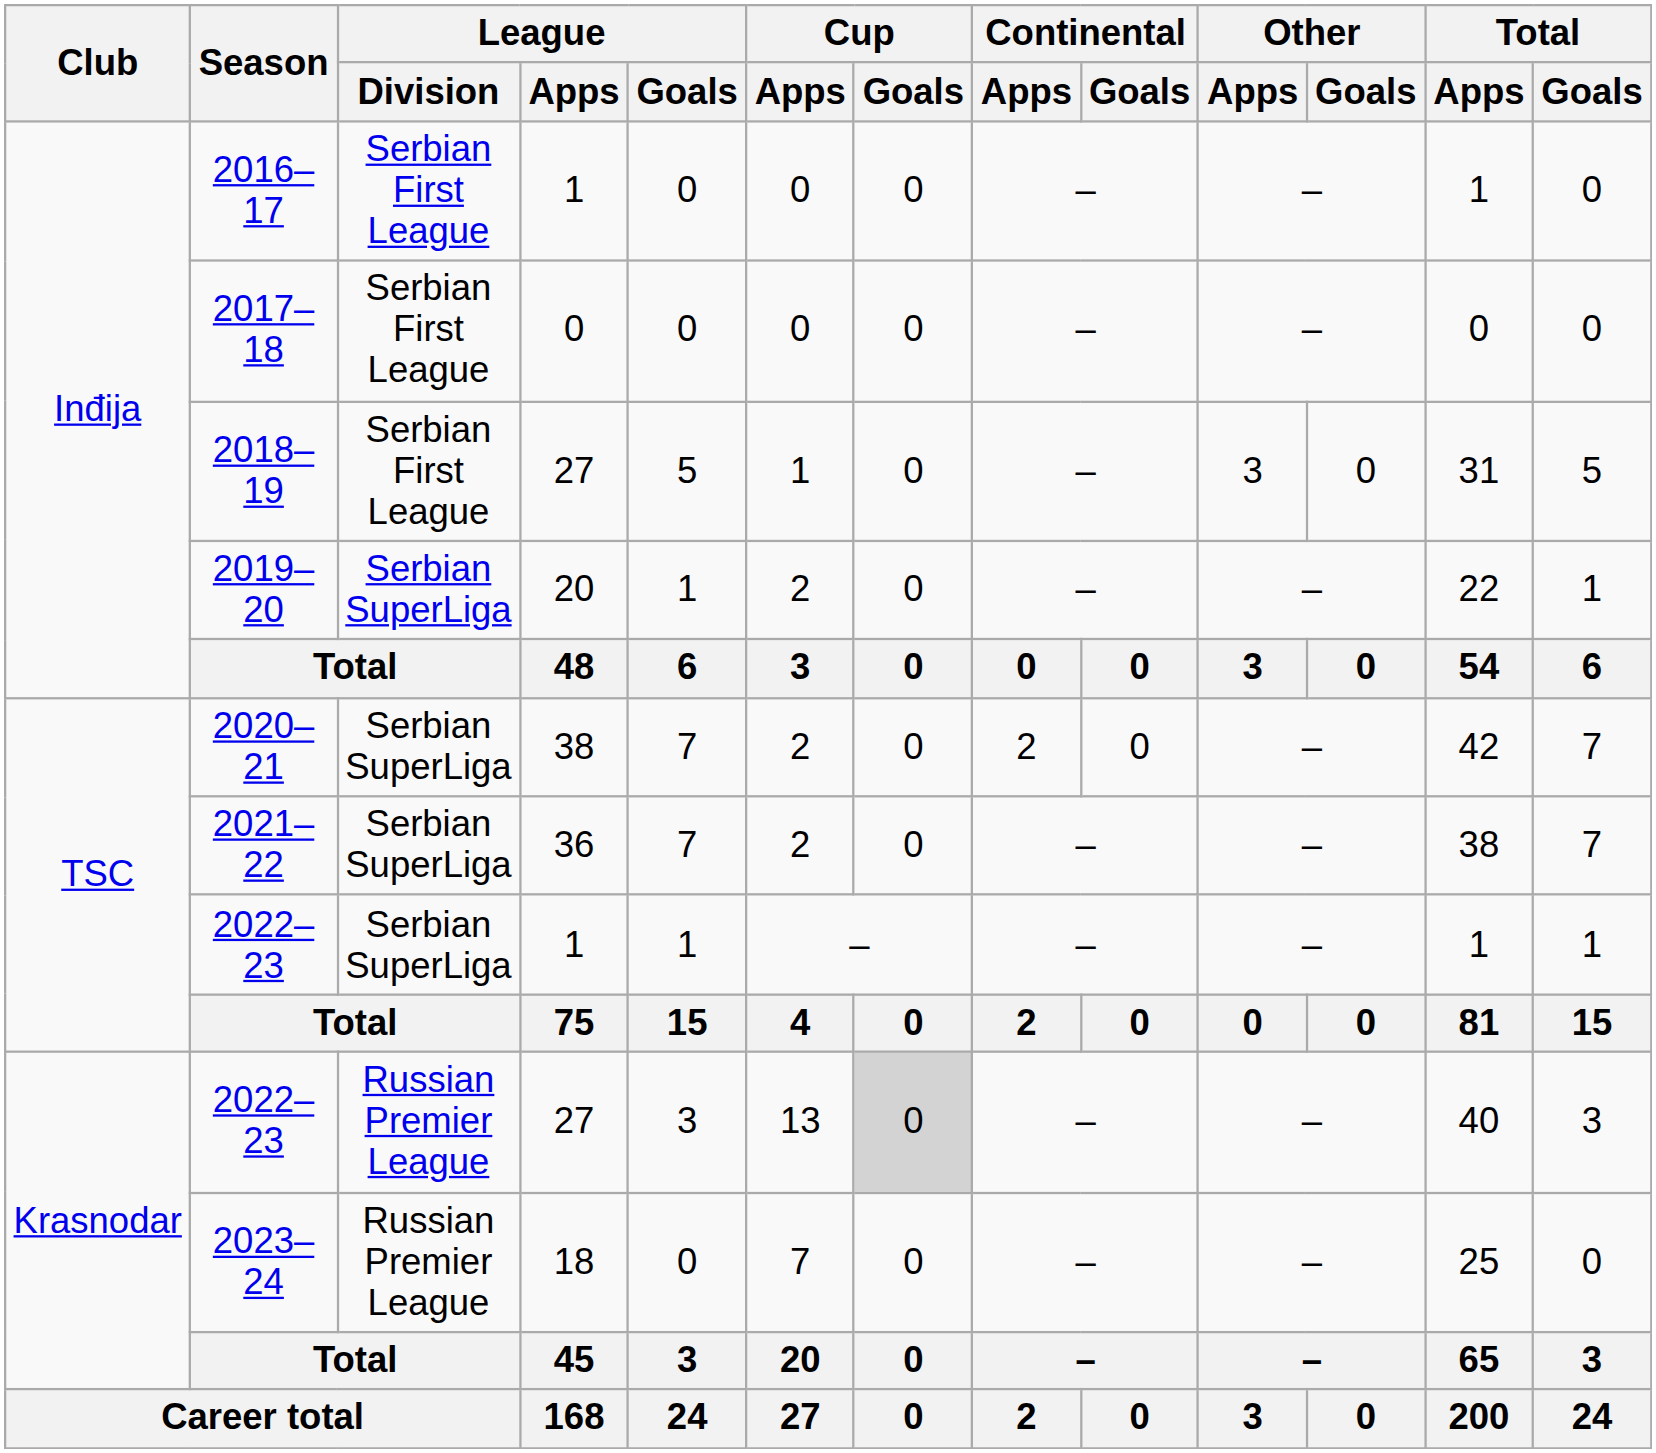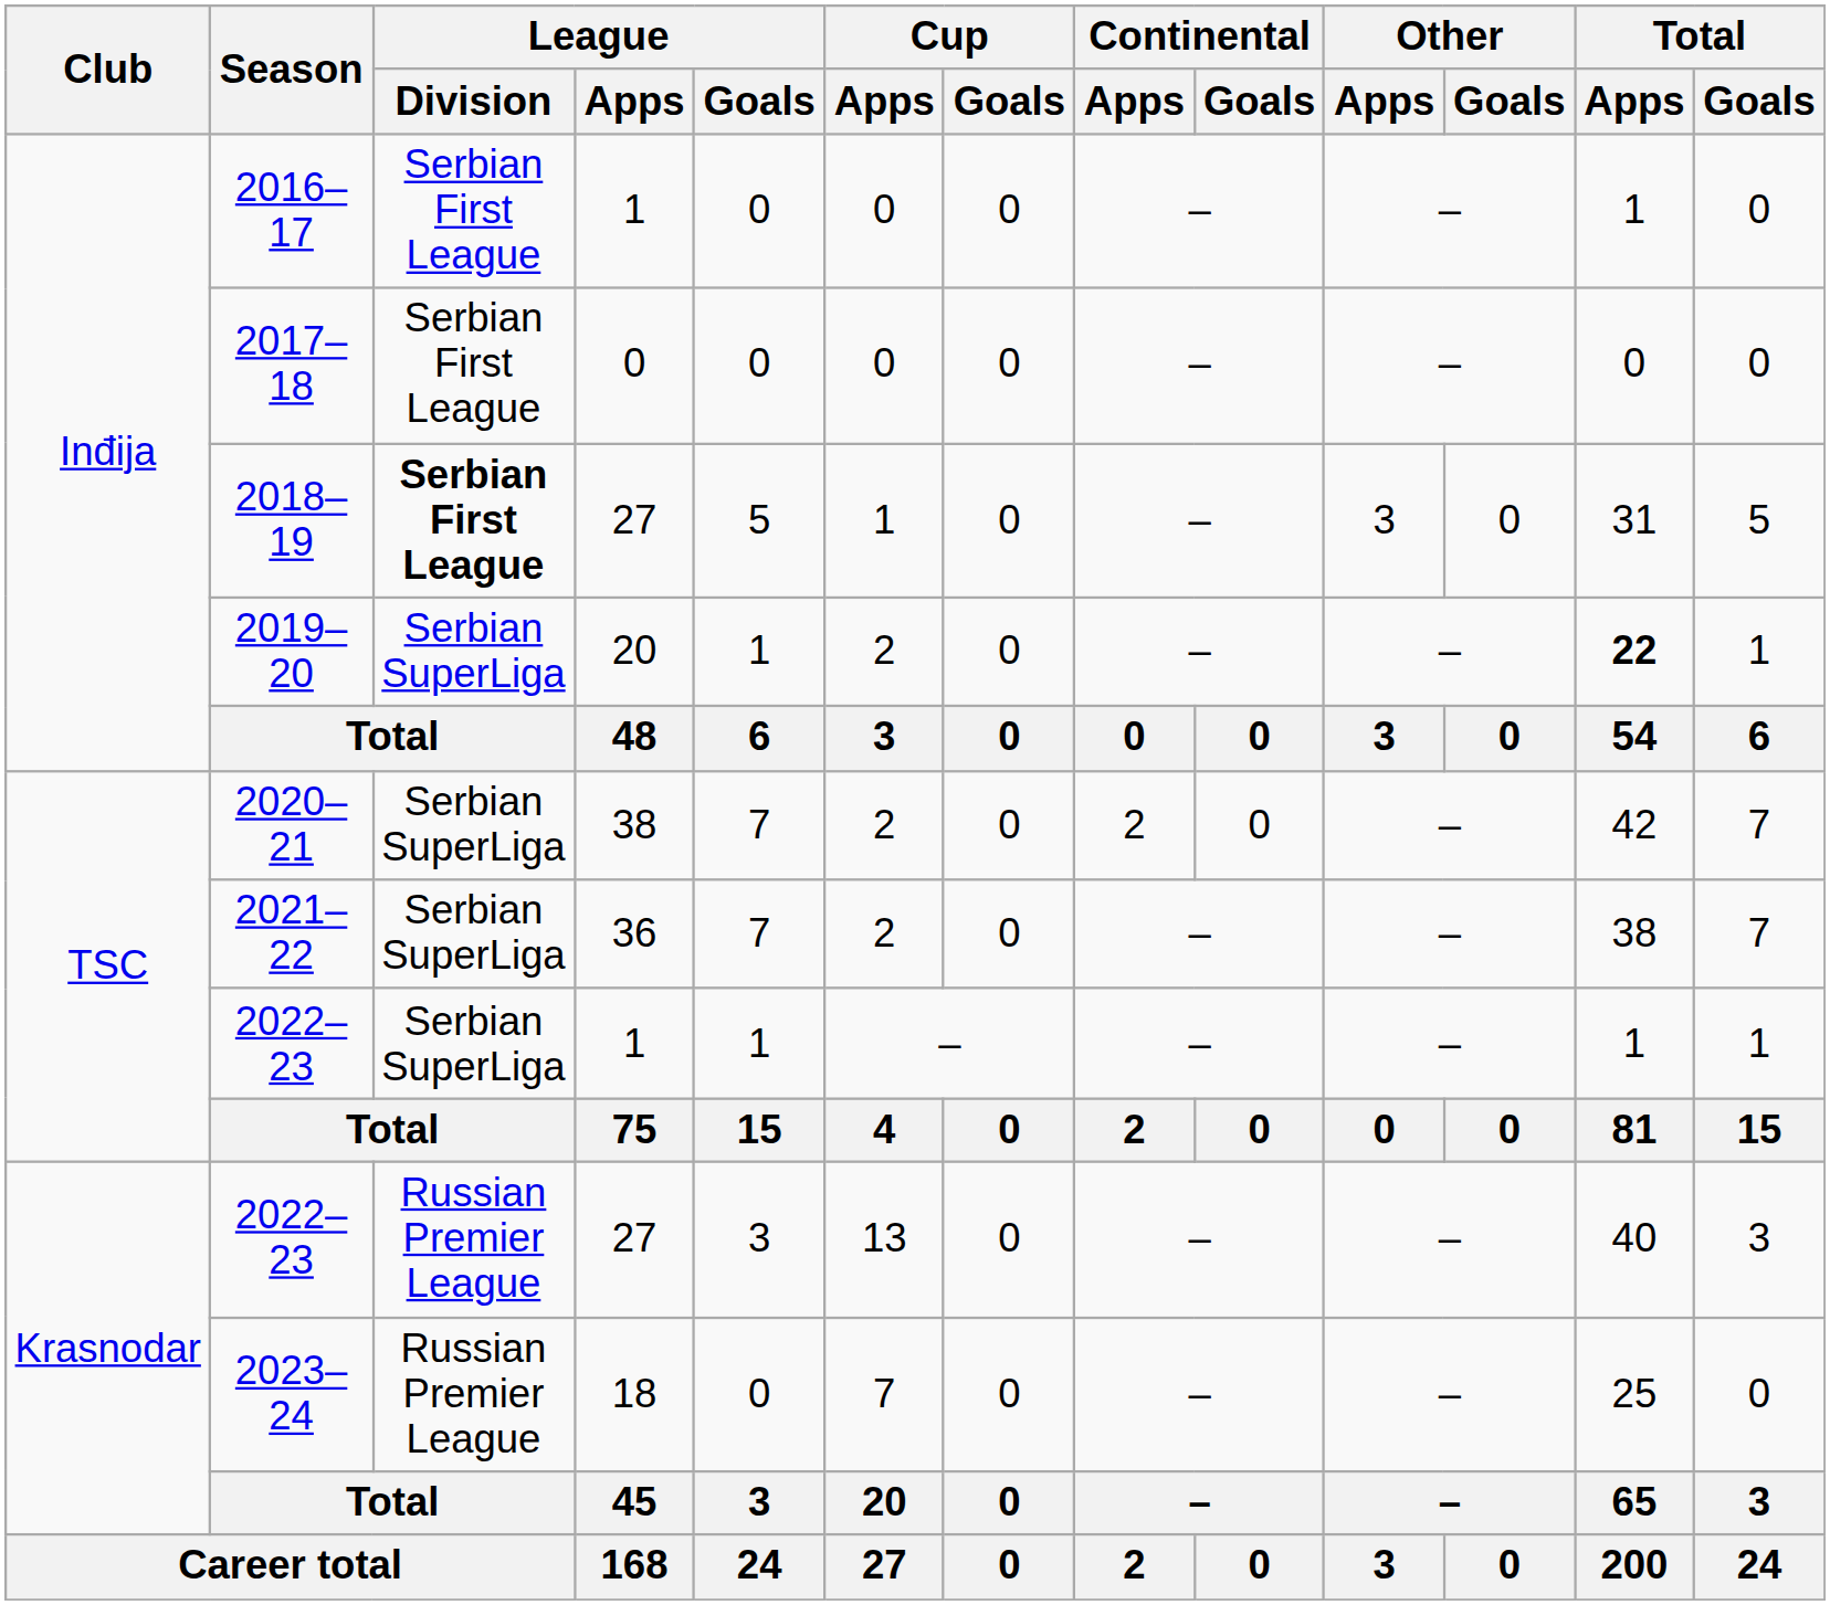 <table class="wikitable" style="text-align:center">
 <tr>
 <th rowspan=2>Club</th>
 <th rowspan=2>Season</th>
 <th colspan=3>League</th>
 <th colspan=2>Cup</th>
 <th colspan=2>Continental</th>
 <th colspan=2>Other</th>
 <th colspan=2>Total</th>
 </tr>
 <tr>
 <th>Division</th>
 <th>Apps</th>
 <th>Goals</th>
 <th>Apps</th>
 <th>Goals</th>
 <th>Apps</th>
 <th>Goals</th>
 <th>Apps</th>
 <th>Goals</th>
 <th>Apps</th>
 <th>Goals</th>
 </tr>
 <tr>
 <td rowspan="5"><a href='#'>Inđija</a></td>
 <td><a href='#'>2016–17</a></td>
 <td><a href='#'>Serbian First League</a></td>
 <td>1</td>
 <td>0</td>
 <td>0</td>
 <td>0</td>
 <td colspan=2>–</td>
 <td colspan=2>–</td>
 <td>1</td>
 <td>0</td>
 </tr>
 <tr>
 <td><a href='#'>2017–18</a></td>
 <td>Serbian First League</td>
 <td>0</td>
 <td>0</td>
 <td>0</td>
 <td>0</td>
 <td colspan=2>–</td>
 <td colspan=2>–</td>
 <td>0</td>
 <td>0</td>
 </tr>
 <tr>
 <td><a href='#'>2018–19</a></td>
-<td>Serbian First League</td>
+<td><strong>Serbian First League</strong></td>
 <td>27</td>
 <td>5</td>
 <td>1</td>
 <td>0</td>
 <td colspan=2>–</td>
 <td>3</td>
 <td>0</td>
 <td>31</td>
 <td>5</td>
 </tr>
 <tr>
 <td><a href='#'>2019–20</a></td>
 <td><a href='#'>Serbian SuperLiga</a></td>
 <td>20</td>
 <td>1</td>
 <td>2</td>
 <td>0</td>
 <td colspan=2>–</td>
 <td colspan=2>–</td>
-<td>22</td>
+<td><strong>22</strong></td>
 <td>1</td>
 </tr>
 <tr>
 <th colspan=2>Total</th>
 <th>48</th>
 <th>6</th>
 <th>3</th>
 <th>0</th>
 <th>0</th>
 <th>0</th>
 <th>3</th>
 <th>0</th>
 <th>54</th>
 <th>6</th>
 </tr>
 <tr>
 <td rowspan="4"><a href='#'>TSC</a></td>
 <td><a href='#'>2020–21</a></td>
 <td>Serbian SuperLiga</td>
 <td>38</td>
 <td>7</td>
 <td>2</td>
 <td>0</td>
 <td>2</td>
 <td>0</td>
 <td colspan=2>–</td>
 <td>42</td>
 <td>7</td>
 </tr>
 <tr>
 <td><a href='#'>2021–22</a></td>
 <td>Serbian SuperLiga</td>
 <td>36</td>
 <td>7</td>
 <td>2</td>
 <td>0</td>
 <td colspan=2>–</td>
 <td colspan=2>–</td>
 <td>38</td>
 <td>7</td>
 </tr>
 <tr>
 <td><a href='#'>2022–23</a></td>
 <td>Serbian SuperLiga</td>
 <td>1</td>
 <td>1</td>
 <td colspan=2>–</td>
 <td colspan=2>–</td>
 <td colspan=2>–</td>
 <td>1</td>
 <td>1</td>
 </tr>
 <tr>
 <th colspan=2>Total</th>
 <th>75</th>
 <th>15</th>
 <th>4</th>
 <th>0</th>
 <th>2</th>
 <th>0</th>
 <th>0</th>
 <th>0</th>
 <th>81</th>
 <th>15</th>
 </tr>
 <tr>
 <td rowspan="3"><a href='#'>Krasnodar</a></td>
 <td><a href='#'>2022–23</a></td>
 <td><a href='#'>Russian Premier League</a></td>
 <td>27</td>
 <td>3</td>
 <td>13</td>
-<td style="background: lightgrey;">0</td>
+<td>0</td>
 <td colspan=2>–</td>
 <td colspan=2>–</td>
 <td>40</td>
 <td>3</td>
 </tr>
 <tr>
 <td><a href='#'>2023–24</a></td>
 <td>Russian Premier League</td>
 <td>18</td>
 <td>0</td>
 <td>7</td>
 <td>0</td>
 <td colspan=2>–</td>
 <td colspan=2>–</td>
 <td>25</td>
 <td>0</td>
 </tr>
 <tr>
 <th colspan=2>Total</th>
 <th>45</th>
 <th>3</th>
 <th>20</th>
 <th>0</th>
 <th colspan=2>–</th>
 <th colspan=2>–</th>
 <th>65</th>
 <th>3</th>
 </tr>
 <tr>
 <th colspan=3>Career total</th>
 <th>168</th>
 <th>24</th>
 <th>27</th>
 <th>0</th>
 <th>2</th>
 <th>0</th>
 <th>3</th>
 <th>0</th>
 <th>200</th>
 <th>24</th>
 </tr>
 </table>
